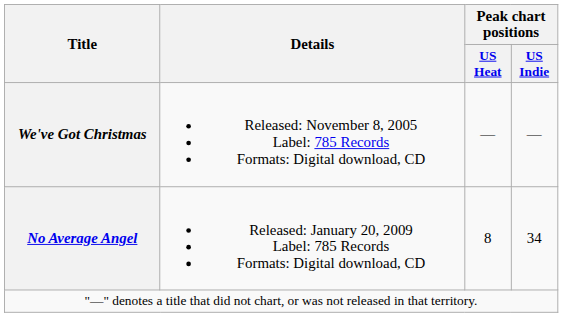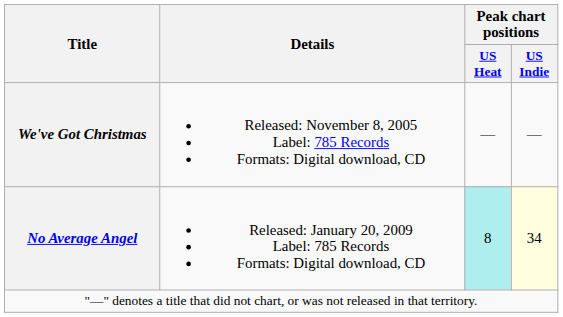 <table class="wikitable plainrowheaders" style="text-align:center">
 <tr>
 <th scope="col" rowspan="2" style="width:10em">Title</th>
 <th scope="col" rowspan="2" style="width:20em">Details</th>
 <th scope="col" colspan="2">Peak chart positions</th>
 </tr>
 <tr>
 <th scope="col" style="width:3em;font-size:90%;"><a href='#'>US Heat</a></th>
 <th scope="col" style="width:3em;font-size:90%;"><a href='#'>US Indie</a></th>
 </tr>
 <tr>
 <th scope="row"><em>We've Got Christmas</em></th>
 <td><br><ul><li>Released: November 8, 2005</li><li>Label: <a href='#'>785 Records</a></li><li>Formats: Digital download, CD</li></ul></td>
 <td>—</td>
 <td>—</td>
 </tr>
 <tr>
 <th scope="row"><em><a href='#'>No Average Angel</a></em></th>
 <td><br><ul><li>Released: January 20, 2009</li><li>Label: 785 Records</li><li>Formats: Digital download, CD</li></ul></td>
-<td>8<br></td>
-<td>34<br></td>
+<td style="background: paleturquoise;">8<br></td>
+<td style="background: lightyellow;">34<br></td>
 </tr>
 <tr>
 <td colspan="8" style="font-size:90%">"—" denotes a title that did not chart, or was not released in that territory.</td>
 </tr>
 </table>
